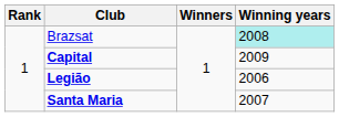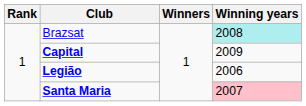 <table class="wikitable sortable">
 <tr>
 <th>Rank</th>
 <th style="width:150px">Club</th>
 <th>Winners</th>
 <th>Winning years</th>
 </tr>
 <tr>
 <td rowspan=4 align=center>1</td>
 <td><a href='#'>Brazsat</a></td>
 <td rowspan=4 align=center>1</td>
 <td style="background: paleturquoise;">2008</td>
 </tr>
 <tr>
 <td><strong><a href='#'>Capital</a></strong></td>
 <td>2009</td>
 </tr>
 <tr>
 <td><strong><a href='#'>Legião</a> </strong></td>
 <td>2006</td>
 </tr>
 <tr>
 <td><strong><a href='#'>Santa Maria</a></strong></td>
-<td>2007</td>
+<td style="background: pink;">2007</td>
 </tr>
 </table>
